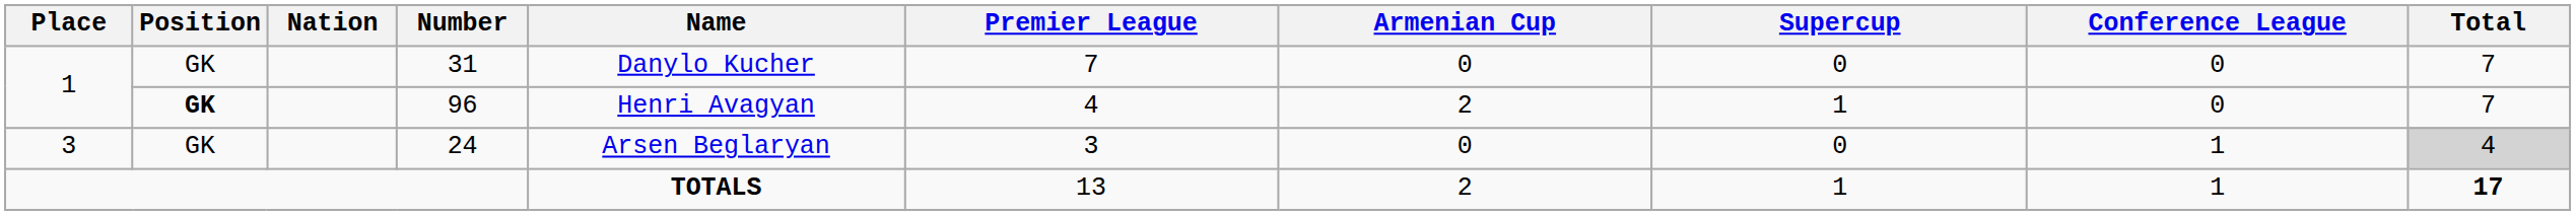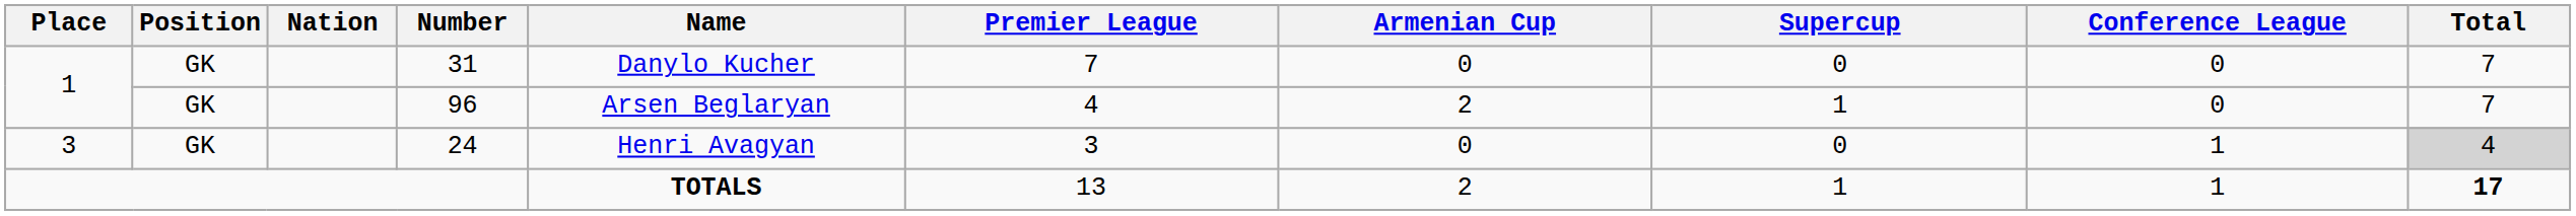 <table class="wikitable" style="font-size: 95%; text-align: center;">
 <tr>
 <th width=60>Place</th>
 <th width=60>Position</th>
 <th width=60>Nation</th>
 <th width=60>Number</th>
 <th width=200>Name</th>
 <th width=200><a href='#'>Premier League</a></th>
 <th width=200><a href='#'>Armenian Cup</a></th>
 <th width=200><a href='#'>Supercup</a></th>
 <th width=200><a href='#'>Conference League</a></th>
 <th width=80><strong>Total</strong></th>
 </tr>
 <tr>
 <td rowspan="2">1</td>
 <td>GK</td>
 <td></td>
 <td>31</td>
 <td><a href='#'>Danylo Kucher</a></td>
 <td>7</td>
 <td>0</td>
 <td>0</td>
 <td>0</td>
 <td>7</td>
 </tr>
 <tr>
-<td><strong>GK</strong></td>
+<td>GK</td>
 <td></td>
 <td>96</td>
-<td><a href='#'>Henri Avagyan</a></td>
+<td><a href='#'>Arsen Beglaryan</a></td>
 <td>4</td>
 <td>2</td>
 <td>1</td>
 <td>0</td>
 <td>7</td>
 </tr>
 <tr>
 <td>3</td>
 <td>GK</td>
 <td></td>
 <td>24</td>
-<td><a href='#'>Arsen Beglaryan</a></td>
+<td><a href='#'>Henri Avagyan</a></td>
 <td>3</td>
 <td>0</td>
 <td>0</td>
 <td>1</td>
 <td style="background: lightgrey;">4</td>
 </tr>
 <tr>
 <td colspan="4"></td>
 <td><strong>TOTALS</strong></td>
 <td>13</td>
 <td>2</td>
 <td>1</td>
 <td>1</td>
 <td><strong>17</strong></td>
 </tr>
 </table>
